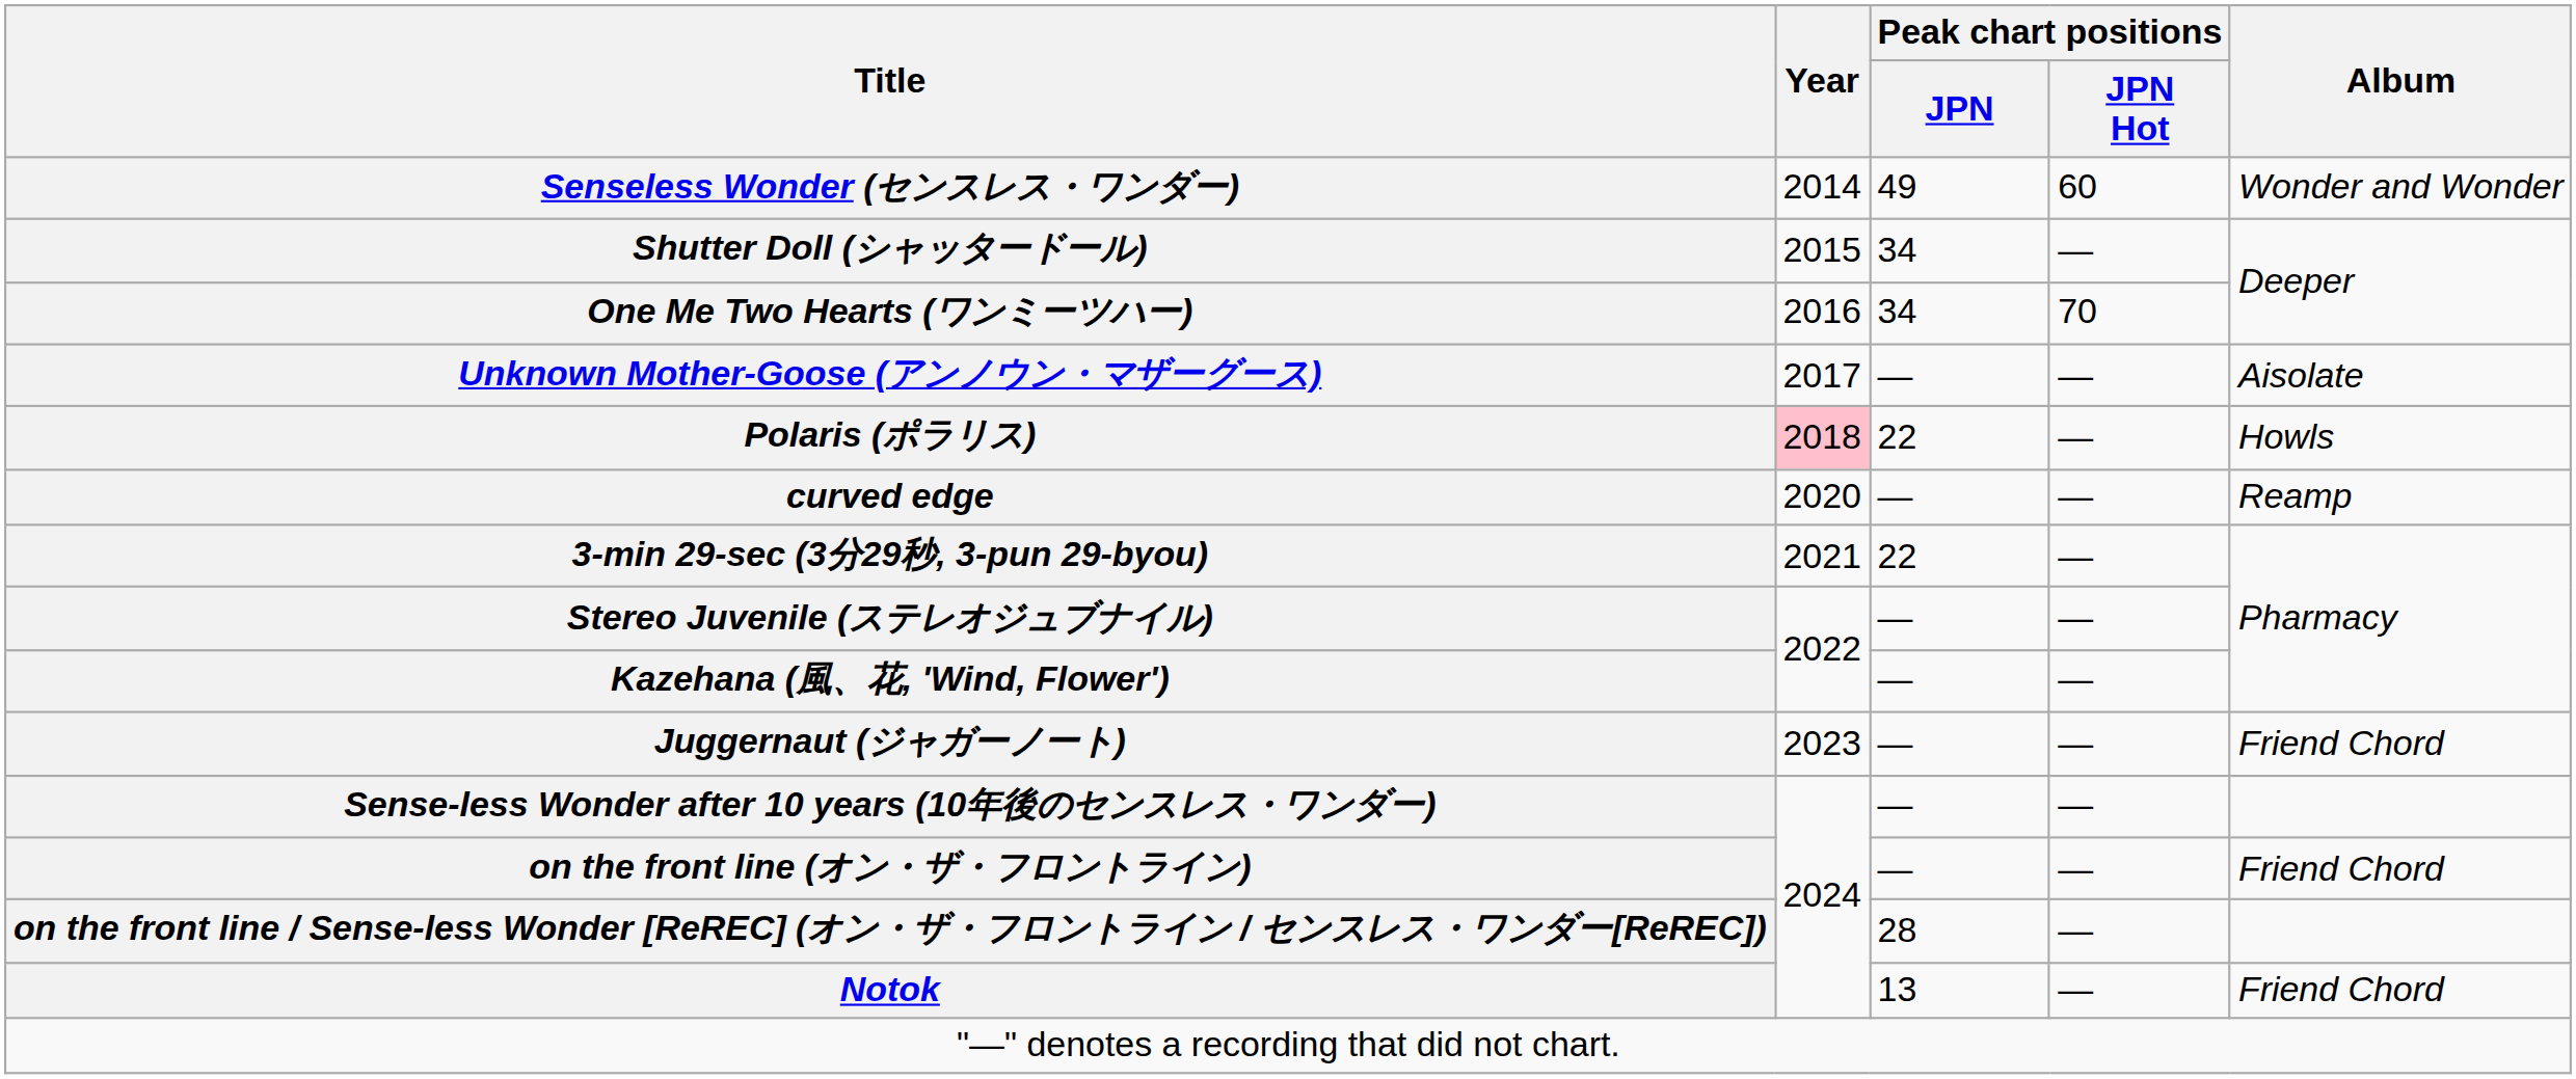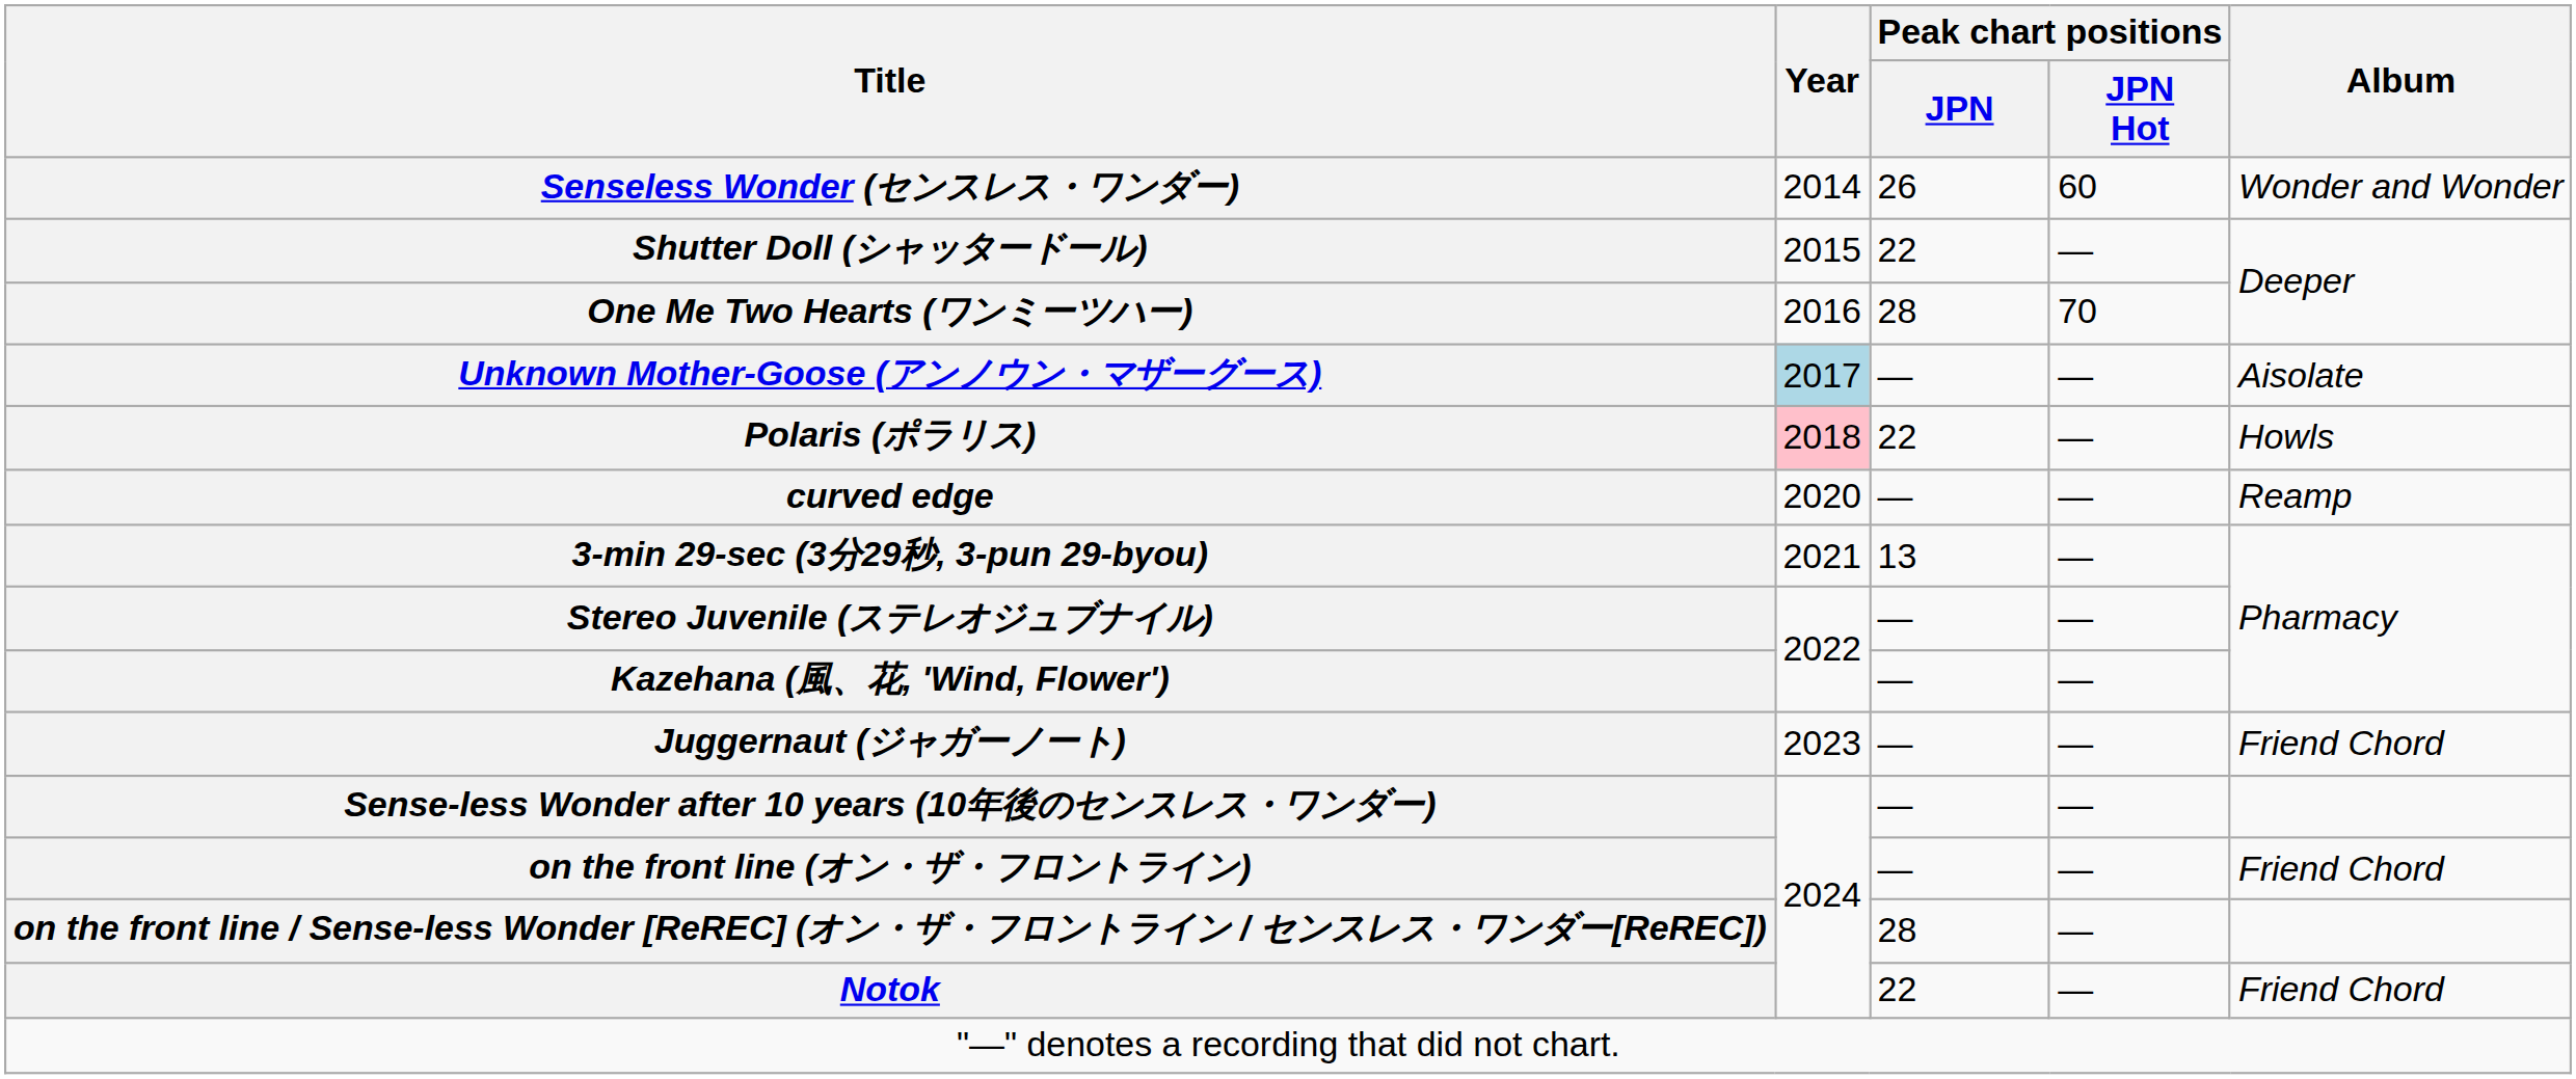 <table class="wikitable plainrowheaders">
 <tr>
 <th rowspan="2" scope="col">Title</th>
 <th rowspan="2" scope="col">Year</th>
 <th colspan="2" scope="col">Peak chart positions</th>
 <th rowspan="2" scope="col">Album</th>
 </tr>
 <tr>
 <th scope="col"><a href='#'>JPN</a><br></th>
 <th scope="col"><a href='#'>JPN</a><br><a href='#'>Hot</a> </th>
 </tr>
 <tr>
 <th scope="row"><em><a href='#'>Senseless Wonder</a> (センスレス・ワンダー)</em></th>
 <td>2014</td>
-<td>49</td>
+<td>26</td>
 <td>60</td>
 <td><em>Wonder and Wonder</em></td>
 </tr>
 <tr>
 <th scope="row"><em>Shutter Doll (シャッタードール)</em></th>
 <td>2015</td>
-<td>34</td>
+<td>22</td>
 <td>—</td>
 <td rowspan="2"><em>Deeper</em></td>
 </tr>
 <tr>
 <th scope="row"><em>One Me Two Hearts (ワンミーツハー)</em></th>
 <td>2016</td>
-<td>34</td>
+<td>28</td>
 <td>70</td>
 </tr>
 <tr>
 <th scope="row"><em><a href='#'>Unknown Mother-Goose (アンノウン・マザーグース)</a></em></th>
-<td>2017</td>
+<td style="background: lightblue;">2017</td>
 <td>—</td>
 <td>—</td>
 <td><em>Aisolate</em></td>
 </tr>
 <tr>
 <th scope="row"><em>Polaris (ポラリス)</em></th>
 <td style="background: pink;">2018</td>
 <td>22</td>
 <td>—</td>
 <td><em>Howls</em></td>
 </tr>
 <tr>
 <th scope="row"><em>curved edge</em></th>
 <td>2020</td>
 <td>—</td>
 <td>—</td>
 <td><em>Reamp</em></td>
 </tr>
 <tr>
 <th scope="row"><em>3-min 29-sec (3分29秒, 3-pun 29-byou)</em></th>
 <td>2021</td>
-<td>22</td>
+<td>13</td>
 <td>—</td>
 <td rowspan="3"><em>Pharmacy</em></td>
 </tr>
 <tr>
 <th scope="row"><em>Stereo Juvenile</em> <em>(ステレオジュブナイル)</em></th>
 <td rowspan="2">2022</td>
 <td>—</td>
 <td>—</td>
 </tr>
 <tr>
 <th scope="row"><em>Kazehana (風、花, 'Wind, Flower')</em></th>
 <td>—</td>
 <td>—</td>
 </tr>
 <tr>
 <th scope="row"><em>Juggernaut (ジャガーノート)</em></th>
 <td>2023</td>
 <td>—</td>
 <td>—</td>
 <td><em>Friend Chord</em></td>
 </tr>
 <tr>
 <th scope="row"><em>Sense-less Wonder after 10 years (10年後のセンスレス・ワンダー)</em></th>
 <td rowspan="4">2024</td>
 <td>—</td>
 <td>—</td>
 <td></td>
 </tr>
 <tr>
 <th scope="row"><em>on the front line (オン・ザ・フロントライン)</em></th>
 <td>—</td>
 <td>—</td>
 <td><em>Friend Chord</em></td>
 </tr>
 <tr>
 <th scope="row"><em>on the front line / Sense-less Wonder [ReREC] (オン・ザ・フロントライン / センスレス・ワンダー[ReREC])</em></th>
 <td>28</td>
 <td>—</td>
 <td></td>
 </tr>
 <tr>
 <th scope="row"><em><a href='#'>Notok</a></em></th>
-<td>13</td>
+<td>22</td>
 <td>—</td>
 <td><em>Friend Chord</em></td>
 </tr>
 <tr>
 <td colspan="5" style="text-align:center;">"—" denotes a recording that did not chart.</td>
 </tr>
 </table>
